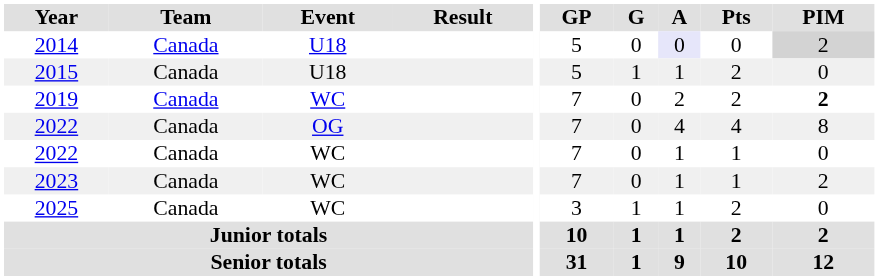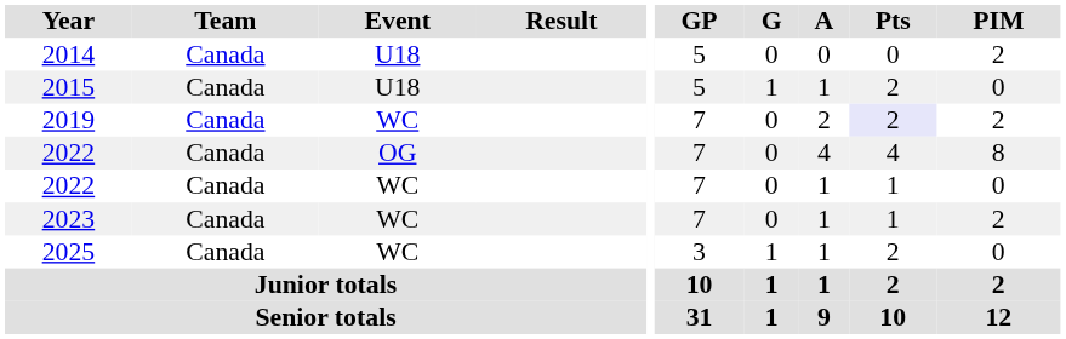 <table border="0" cellpadding="1" cellspacing="0" ID="Table3" style="text-align:center; width:40em">
 <tr ALIGN="center" bgcolor="#e0e0e0">
 <th>Year</th>
 <th>Team</th>
 <th>Event</th>
 <th>Result</th>
 <th rowspan="99" bgcolor="#ffffff"></th>
 <th>GP</th>
 <th>G</th>
 <th>A</th>
 <th>Pts</th>
 <th>PIM</th>
 </tr>
 <tr>
 <td><a href='#'>2014</a></td>
 <td><a href='#'>Canada</a></td>
 <td><a href='#'>U18</a></td>
 <td></td>
 <td>5</td>
 <td>0</td>
-<td style="background: lavender;">0</td>
 <td>0</td>
-<td style="background: lightgrey;">2</td>
+<td>0</td>
+<td>2</td>
 </tr>
 <tr bgcolor="#f0f0f0">
 <td><a href='#'>2015</a></td>
 <td>Canada</td>
 <td>U18</td>
 <td></td>
 <td>5</td>
 <td>1</td>
 <td>1</td>
 <td>2</td>
 <td>0</td>
 </tr>
 <tr>
 <td><a href='#'>2019</a></td>
 <td><a href='#'>Canada</a></td>
 <td><a href='#'>WC</a></td>
 <td></td>
 <td>7</td>
 <td>0</td>
 <td>2</td>
+<td style="background: lavender;">2</td>
 <td>2</td>
-<td><strong>2</strong></td>
 </tr>
 <tr bgcolor="#f0f0f0">
 <td><a href='#'>2022</a></td>
 <td>Canada</td>
 <td><a href='#'>OG</a></td>
 <td></td>
 <td>7</td>
 <td>0</td>
 <td>4</td>
 <td>4</td>
 <td>8</td>
 </tr>
 <tr>
 <td><a href='#'>2022</a></td>
 <td>Canada</td>
 <td>WC</td>
 <td></td>
 <td>7</td>
 <td>0</td>
 <td>1</td>
 <td>1</td>
 <td>0</td>
 </tr>
 <tr bgcolor="#f0f0f0">
 <td><a href='#'>2023</a></td>
 <td>Canada</td>
 <td>WC</td>
 <td></td>
 <td>7</td>
 <td>0</td>
 <td>1</td>
 <td>1</td>
 <td>2</td>
 </tr>
 <tr>
 <td><a href='#'>2025</a></td>
 <td>Canada</td>
 <td>WC</td>
 <td></td>
 <td>3</td>
 <td>1</td>
 <td>1</td>
 <td>2</td>
 <td>0</td>
 </tr>
 <tr bgcolor="#e0e0e0">
 <th colspan="4">Junior totals</th>
 <th>10</th>
 <th>1</th>
 <th>1</th>
 <th>2</th>
 <th>2</th>
 </tr>
 <tr bgcolor="#e0e0e0">
 <th colspan="4">Senior totals</th>
 <th>31</th>
 <th>1</th>
 <th>9</th>
 <th>10</th>
 <th>12</th>
 </tr>
 </table>
